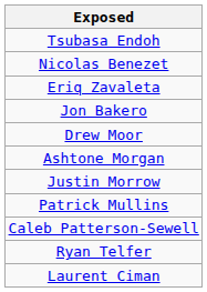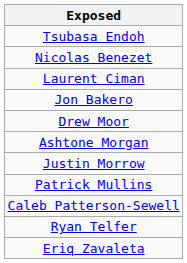 <table class="wikitable" style="text-align:center">
 <tr>
 <th>Exposed</th>
 </tr>
 <tr>
 <td><a href='#'>Tsubasa Endoh</a></td>
 </tr>
 <tr>
 <td><a href='#'>Nicolas Benezet</a></td>
 </tr>
 <tr>
-<td><a href='#'>Eriq Zavaleta</a></td>
+<td><a href='#'>Laurent Ciman</a></td>
 </tr>
 <tr>
 <td><a href='#'>Jon Bakero</a></td>
 </tr>
 <tr>
 <td><a href='#'>Drew Moor</a></td>
 </tr>
 <tr>
 <td><a href='#'>Ashtone Morgan</a></td>
 </tr>
 <tr>
 <td><a href='#'>Justin Morrow</a></td>
 </tr>
 <tr>
 <td><a href='#'>Patrick Mullins</a></td>
 </tr>
 <tr>
 <td><a href='#'>Caleb Patterson-Sewell</a></td>
 </tr>
 <tr>
 <td><a href='#'>Ryan Telfer</a></td>
 </tr>
 <tr>
-<td><a href='#'>Laurent Ciman</a></td>
+<td><a href='#'>Eriq Zavaleta</a></td>
 </tr>
 <tr>
 </tr>
 </table>
